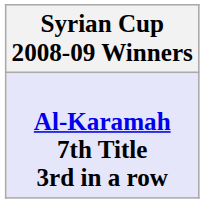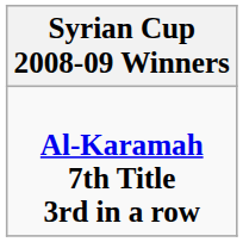 <table class="wikitable" style="text-align: center; margin: 0 auto;">
 <tr>
 <th>Syrian Cup <br>2008-09 Winners</th>
 </tr>
 <tr>
-<td style="background: lavender;"><br><strong><a href='#'>Al-Karamah</a></strong><br><strong>7th Title</strong> <br> <strong>3rd in a row</strong></td>
+<td><br><strong><a href='#'>Al-Karamah</a></strong><br><strong>7th Title</strong> <br> <strong>3rd in a row</strong></td>
 </tr>
 </table>
